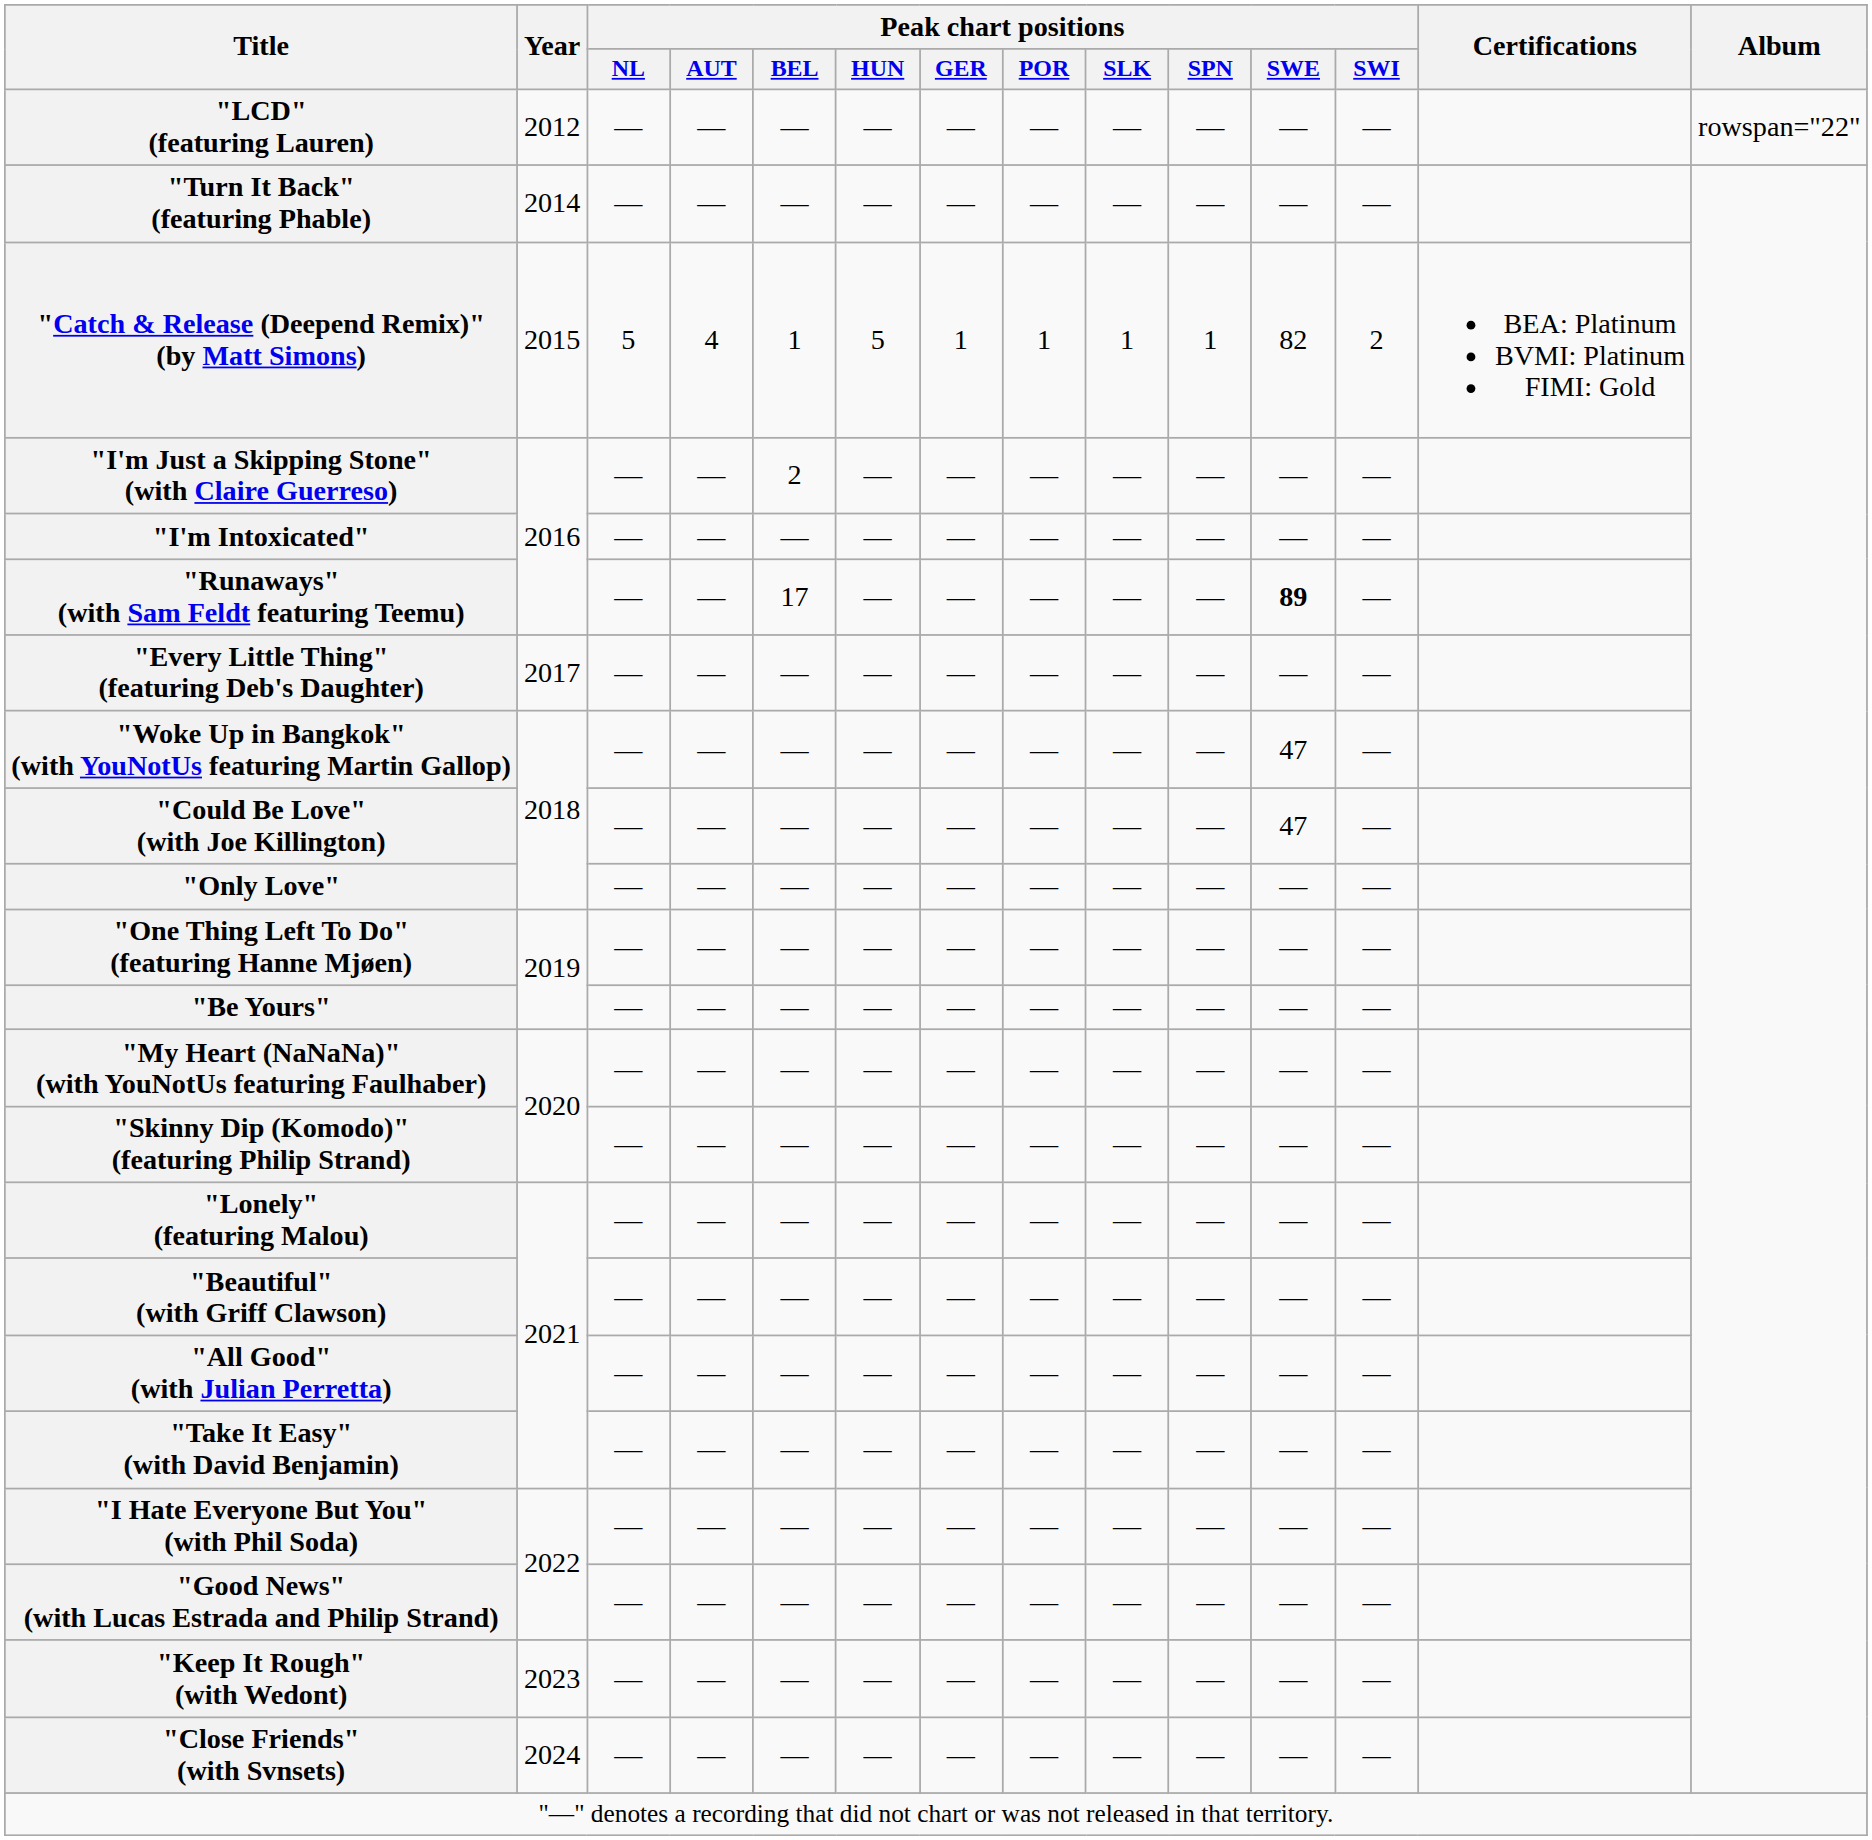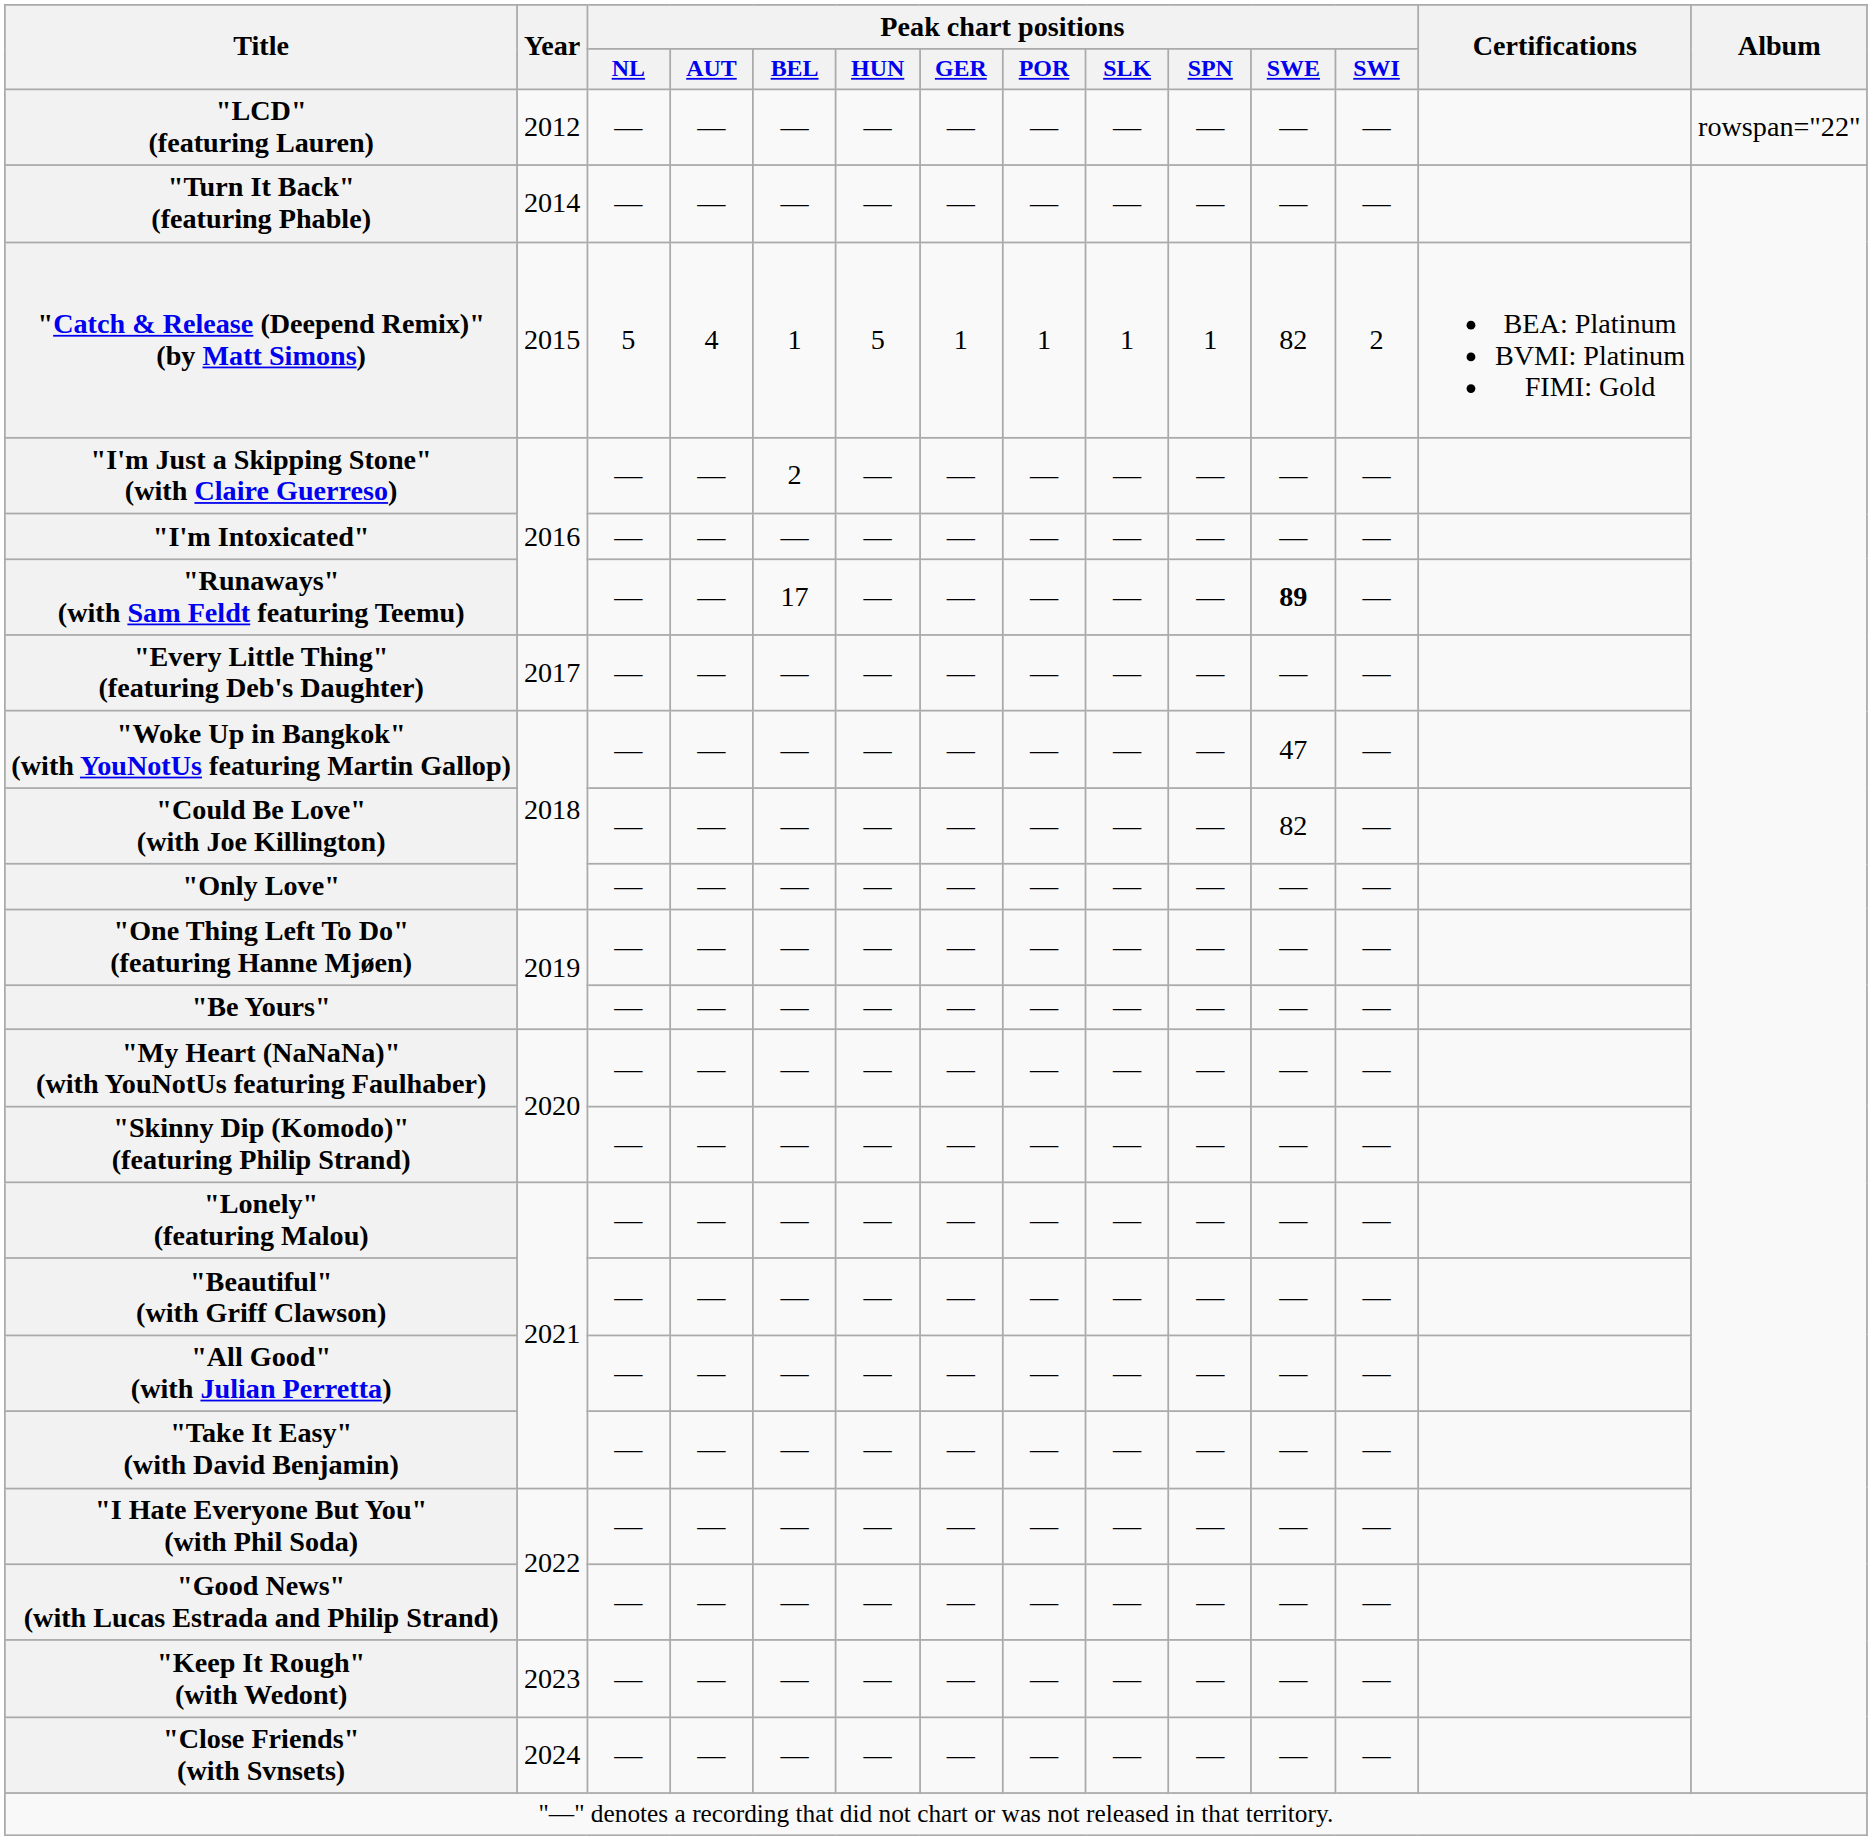 <table class="wikitable plainrowheaders" style="text-align:center;">
 <tr>
 <th scope="col" rowspan="2">Title</th>
 <th scope="col" rowspan="2">Year</th>
 <th colspan="10">Peak chart positions</th>
 <th rowspan="2">Certifications</th>
 <th rowspan="2">Album</th>
 </tr>
 <tr>
 <th scope="col" style="width:3em;font-size:85%;"><a href='#'>NL</a><br></th>
 <th scope="col" style="width:3em;font-size:85%;"><a href='#'>AUT</a><br></th>
 <th scope="col" style="width:3em;font-size:85%;"><a href='#'>BEL</a><br></th>
 <th scope="col" style="width:3em;font-size:85%;"><a href='#'>HUN</a><br></th>
 <th scope="col" style="width:3em;font-size:85%;"><a href='#'>GER</a><br></th>
 <th scope="col" style="width:3em;font-size:85%;"><a href='#'>POR</a><br></th>
 <th scope="col" style="width:3em;font-size:85%;"><a href='#'>SLK</a><br></th>
 <th scope="col" style="width:3em;font-size:85%;"><a href='#'>SPN</a><br></th>
 <th scope="col" style="width:3em;font-size:85%;"><a href='#'>SWE</a><br></th>
 <th scope="col" style="width:3em;font-size:85%;"><a href='#'>SWI</a><br></th>
 </tr>
 <tr>
 <th scope="row">"LCD"<br><span>(featuring Lauren)</span></th>
 <td>2012</td>
 <td>—</td>
 <td>—</td>
 <td>—</td>
 <td>—</td>
 <td>—</td>
 <td>—</td>
 <td>—</td>
 <td>—</td>
 <td>—</td>
 <td>—</td>
 <td></td>
 <td>rowspan="22" </td>
 </tr>
 <tr>
 <th scope="row">"Turn It Back"<br><span>(featuring Phable)</span></th>
 <td>2014</td>
 <td>—</td>
 <td>—</td>
 <td>—</td>
 <td>—</td>
 <td>—</td>
 <td>—</td>
 <td>—</td>
 <td>—</td>
 <td>—</td>
 <td>—</td>
 <td></td>
 </tr>
 <tr>
 <th scope="row">"<a href='#'>Catch & Release</a> (Deepend Remix)"<br><span>(by <a href='#'>Matt Simons</a>)</span></th>
 <td>2015</td>
 <td>5</td>
 <td>4</td>
 <td>1</td>
 <td>5</td>
 <td>1</td>
 <td>1</td>
 <td>1</td>
 <td>1</td>
 <td>82<br></td>
 <td>2</td>
 <td><br><ul><li>BEA: Platinum</li><li>BVMI: Platinum</li><li>FIMI: Gold</li></ul></td>
 </tr>
 <tr>
 <th scope="row">"I'm Just a Skipping Stone"<br><span>(with <a href='#'>Claire Guerreso</a>)</span></th>
 <td rowspan="3">2016</td>
 <td>—</td>
 <td>—</td>
 <td>2<br></td>
 <td>—</td>
 <td>—</td>
 <td>—</td>
 <td>—</td>
 <td>—</td>
 <td>—</td>
 <td>—</td>
 <td></td>
 </tr>
 <tr>
 <th scope="row">"I'm Intoxicated"</th>
 <td>—</td>
 <td>—</td>
 <td>—</td>
 <td>—</td>
 <td>—</td>
 <td>—</td>
 <td>—</td>
 <td>—</td>
 <td>—</td>
 <td>—</td>
 <td></td>
 </tr>
 <tr>
 <th scope="row">"Runaways"<br><span>(with <a href='#'>Sam Feldt</a> featuring Teemu)</span></th>
 <td>—</td>
 <td>—</td>
 <td>17<br></td>
 <td>—</td>
 <td>—</td>
 <td>—</td>
 <td>—</td>
 <td>—</td>
 <td><strong>89<br></strong></td>
 <td>—</td>
 <td></td>
 </tr>
 <tr>
 <th scope="row">"Every Little Thing"<br><span>(featuring Deb's Daughter)</span></th>
 <td>2017</td>
 <td>—</td>
 <td>—</td>
 <td>—</td>
 <td>—</td>
 <td>—</td>
 <td>—</td>
 <td>—</td>
 <td>—</td>
 <td>—</td>
 <td>—</td>
 <td></td>
 </tr>
 <tr>
 <th scope="row">"Woke Up in Bangkok"<br><span>(with <a href='#'>YouNotUs</a> featuring Martin Gallop)</span></th>
 <td rowspan="3">2018</td>
 <td>—</td>
 <td>—</td>
 <td>—</td>
 <td>—</td>
 <td>—</td>
 <td>—</td>
 <td>—</td>
 <td>—</td>
 <td>47</td>
 <td>—</td>
 <td></td>
 </tr>
 <tr>
 <th scope="row">"Could Be Love"<br><span>(with Joe Killington)</span></th>
 <td>—</td>
 <td>—</td>
 <td>—</td>
 <td>—</td>
 <td>—</td>
 <td>—</td>
 <td>—</td>
 <td>—</td>
-<td>47</td>
+<td>82<br></td>
 <td>—</td>
 <td></td>
 </tr>
 <tr>
 <th scope="row">"Only Love"</th>
 <td>—</td>
 <td>—</td>
 <td>—</td>
 <td>—</td>
 <td>—</td>
 <td>—</td>
 <td>—</td>
 <td>—</td>
 <td>—</td>
 <td>—</td>
 <td></td>
 </tr>
 <tr>
 <th scope="row">"One Thing Left To Do"<br><span>(featuring Hanne Mjøen)</span></th>
 <td rowspan="2">2019</td>
 <td>—</td>
 <td>—</td>
 <td>—</td>
 <td>—</td>
 <td>—</td>
 <td>—</td>
 <td>—</td>
 <td>—</td>
 <td>—</td>
 <td>—</td>
 <td></td>
 </tr>
 <tr>
 <th scope="row">"Be Yours"</th>
 <td>—</td>
 <td>—</td>
 <td>—</td>
 <td>—</td>
 <td>—</td>
 <td>—</td>
 <td>—</td>
 <td>—</td>
 <td>—</td>
 <td>—</td>
 <td></td>
 </tr>
 <tr>
 <th scope="row">"My Heart (NaNaNa)"<br><span>(with YouNotUs featuring Faulhaber)</span></th>
 <td rowspan="2">2020</td>
 <td>—</td>
 <td>—</td>
 <td>—</td>
 <td>—</td>
 <td>—</td>
 <td>—</td>
 <td>—</td>
 <td>—</td>
 <td>—</td>
 <td>—</td>
 <td></td>
 </tr>
 <tr>
 <th scope="row">"Skinny Dip (Komodo)"<br><span>(featuring Philip Strand)</span></th>
 <td>—</td>
 <td>—</td>
 <td>—</td>
 <td>—</td>
 <td>—</td>
 <td>—</td>
 <td>—</td>
 <td>—</td>
 <td>—</td>
 <td>—</td>
 <td></td>
 </tr>
 <tr>
 <th scope="row">"Lonely"<br><span>(featuring Malou)</span></th>
 <td rowspan="4">2021</td>
 <td>—</td>
 <td>—</td>
 <td>—</td>
 <td>—</td>
 <td>—</td>
 <td>—</td>
 <td>—</td>
 <td>—</td>
 <td>—</td>
 <td>—</td>
 <td></td>
 </tr>
 <tr>
 <th scope="row">"Beautiful"<br><span>(with Griff Clawson)</span></th>
 <td>—</td>
 <td>—</td>
 <td>—</td>
 <td>—</td>
 <td>—</td>
 <td>—</td>
 <td>—</td>
 <td>—</td>
 <td>—</td>
 <td>—</td>
 <td></td>
 </tr>
 <tr>
 <th scope="row">"All Good"<br><span>(with <a href='#'>Julian Perretta</a>)</span></th>
 <td>—</td>
 <td>—</td>
 <td>—</td>
 <td>—</td>
 <td>—</td>
 <td>—</td>
 <td>—</td>
 <td>—</td>
 <td>—</td>
 <td>—</td>
 <td></td>
 </tr>
 <tr>
 <th scope="row">"Take It Easy"<br><span>(with David Benjamin)</span></th>
 <td>—</td>
 <td>—</td>
 <td>—</td>
 <td>—</td>
 <td>—</td>
 <td>—</td>
 <td>—</td>
 <td>—</td>
 <td>—</td>
 <td>—</td>
 <td></td>
 </tr>
 <tr>
 <th scope="row">"I Hate Everyone But You"<br><span>(with Phil Soda)</span></th>
 <td rowspan="2">2022</td>
 <td>—</td>
 <td>—</td>
 <td>—</td>
 <td>—</td>
 <td>—</td>
 <td>—</td>
 <td>—</td>
 <td>—</td>
 <td>—</td>
 <td>—</td>
 <td></td>
 </tr>
 <tr>
 <th scope="row">"Good News"<br><span>(with Lucas Estrada and Philip Strand)</span></th>
 <td>—</td>
 <td>—</td>
 <td>—</td>
 <td>—</td>
 <td>—</td>
 <td>—</td>
 <td>—</td>
 <td>—</td>
 <td>—</td>
 <td>—</td>
 <td></td>
 </tr>
 <tr>
 <th scope="row">"Keep It Rough"<br><span>(with Wedont)</span></th>
 <td>2023</td>
 <td>—</td>
 <td>—</td>
 <td>—</td>
 <td>—</td>
 <td>—</td>
 <td>—</td>
 <td>—</td>
 <td>—</td>
 <td>—</td>
 <td>—</td>
 <td></td>
 </tr>
 <tr>
 <th scope="row">"Close Friends"<br><span>(with Svnsets)</span></th>
 <td>2024</td>
 <td>—</td>
 <td>—</td>
 <td>—</td>
 <td>—</td>
 <td>—</td>
 <td>—</td>
 <td>—</td>
 <td>—</td>
 <td>—</td>
 <td>—</td>
 <td></td>
 </tr>
 <tr>
 <td colspan="14" style="font-size:90%">"—" denotes a recording that did not chart or was not released in that territory.</td>
 </tr>
 </table>
